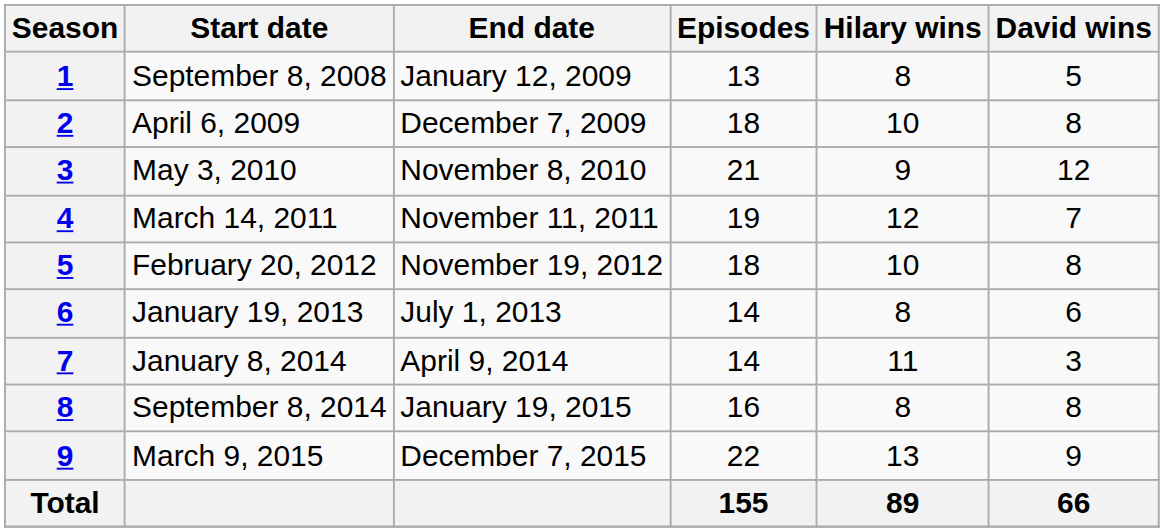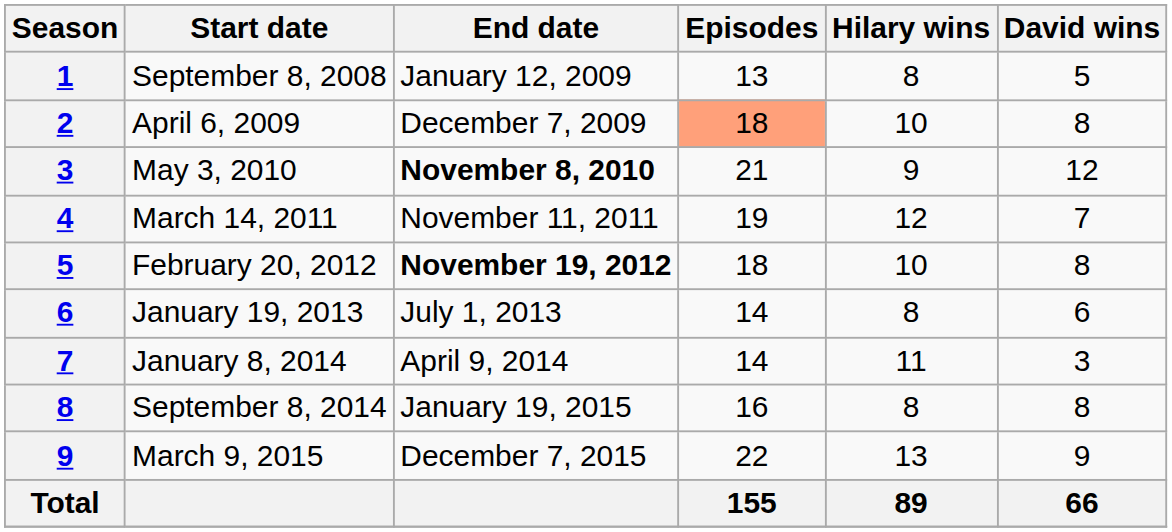 <table class="wikitable">
 <tr>
 <th>Season</th>
 <th>Start date</th>
 <th>End date</th>
 <th>Episodes</th>
 <th>Hilary wins</th>
 <th>David wins</th>
 </tr>
 <tr>
 <th><a href='#'>1</a></th>
 <td>September 8, 2008</td>
 <td>January 12, 2009</td>
 <td align=center>13</td>
 <td align=center>8</td>
 <td align=center>5</td>
 </tr>
 <tr>
 <th><a href='#'>2</a></th>
 <td>April 6, 2009</td>
 <td>December 7, 2009</td>
-<td align=center>18</td>
+<td align=center style="background: lightsalmon;">18</td>
 <td align=center>10</td>
 <td align=center>8</td>
 </tr>
 <tr>
 <th><a href='#'>3</a></th>
 <td>May 3, 2010</td>
-<td>November 8, 2010</td>
+<td><strong>November 8, 2010</strong></td>
 <td align=center>21</td>
 <td align=center>9</td>
 <td align=center>12</td>
 </tr>
 <tr>
 <th><a href='#'>4</a></th>
 <td>March 14, 2011</td>
 <td>November 11, 2011</td>
 <td align=center>19</td>
 <td align=center>12</td>
 <td align=center>7</td>
 </tr>
 <tr>
 <th><a href='#'>5</a></th>
 <td>February 20, 2012</td>
-<td>November 19, 2012</td>
+<td><strong>November 19, 2012</strong></td>
 <td align=center>18</td>
 <td align=center>10</td>
 <td align=center>8</td>
 </tr>
 <tr>
 <th><a href='#'>6</a></th>
 <td>January 19, 2013</td>
 <td>July 1, 2013</td>
 <td align=center>14</td>
 <td align=center>8</td>
 <td align=center>6</td>
 </tr>
 <tr>
 <th><a href='#'>7</a></th>
 <td>January 8, 2014</td>
 <td>April 9, 2014</td>
 <td align=center>14</td>
 <td align=center>11</td>
 <td align=center>3</td>
 </tr>
 <tr>
 <th><a href='#'>8</a></th>
 <td>September 8, 2014</td>
 <td>January 19, 2015</td>
 <td align=center>16</td>
 <td align=center>8</td>
 <td align=center>8</td>
 </tr>
 <tr>
 <th><a href='#'>9</a></th>
 <td>March 9, 2015</td>
 <td>December 7, 2015</td>
 <td align=center>22</td>
 <td align=center>13</td>
 <td align=center>9</td>
 </tr>
 <tr>
 <th>Total</th>
 <th></th>
 <th></th>
 <th>155</th>
 <th>89</th>
 <th>66</th>
 </tr>
 <tr>
 </tr>
 </table>
